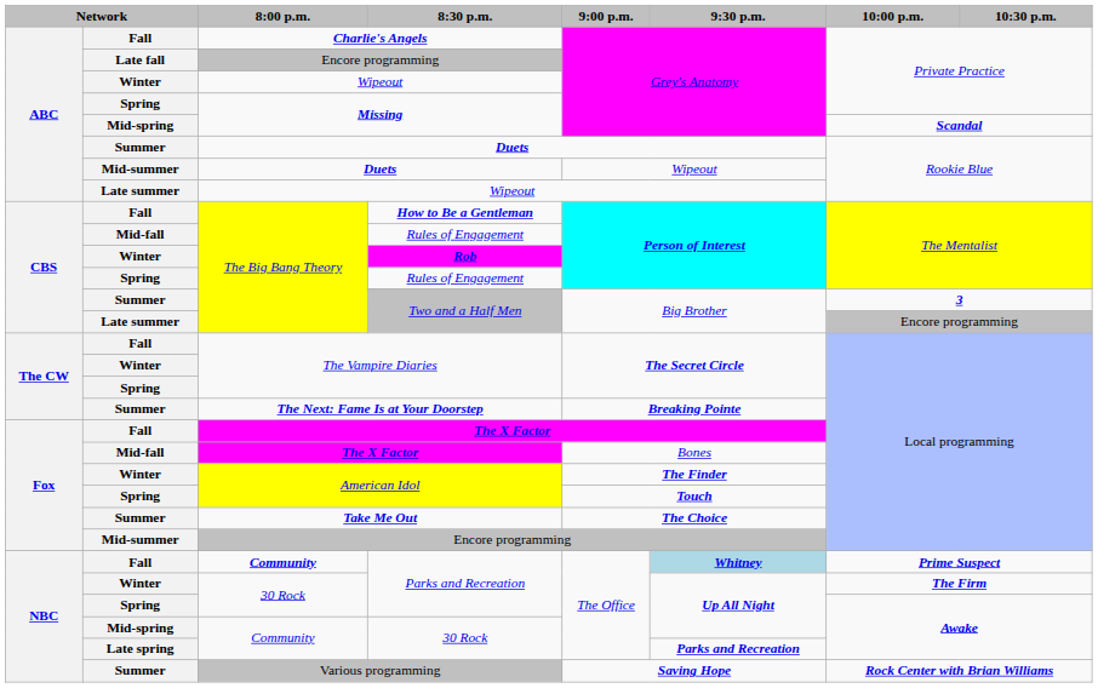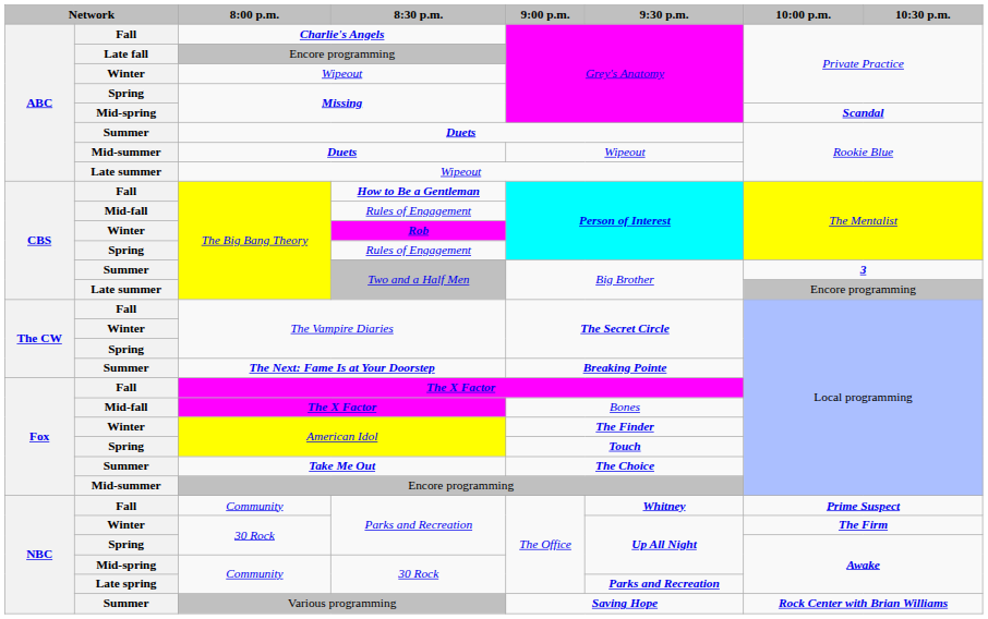 <table class="wikitable" style="width:100%;margin-right:0;text-align:center">
 <tr>
 <th colspan="2" style="background-color:#C0C0C0;text-align:center">Network</th>
 <th style="background-color:#C0C0C0;text-align:center">8:00 p.m.</th>
 <th style="background-color:#C0C0C0;text-align:center">8:30 p.m.</th>
 <th style="background-color:#C0C0C0;text-align:center">9:00 p.m.</th>
 <th style="background-color:#C0C0C0;text-align:center">9:30 p.m.</th>
 <th style="background-color:#C0C0C0;text-align:center">10:00 p.m.</th>
 <th style="background-color:#C0C0C0;text-align:center">10:30 p.m.</th>
 </tr>
 <tr>
 <th rowspan="8"><a href='#'>ABC</a></th>
 <th>Fall</th>
 <td colspan="2"><strong><em><a href='#'>Charlie's Angels</a></em></strong></td>
 <td style="background:magenta;" colspan="2" rowspan="5"><em><a href='#'>Grey's Anatomy</a></em> </td>
 <td colspan="2" rowspan="4"><em><a href='#'>Private Practice</a></em></td>
 </tr>
 <tr>
 <th>Late fall</th>
 <td style="background:#C0C0C0;" colspan="2">Encore programming</td>
 </tr>
 <tr>
 <th>Winter</th>
 <td colspan="2"><em><a href='#'>Wipeout</a></em></td>
 </tr>
 <tr>
 <th>Spring</th>
 <td colspan="2" rowspan="2"><strong><em><a href='#'>Missing</a></em></strong></td>
 </tr>
 <tr>
 <th>Mid-spring</th>
 <td colspan="2"><strong><em><a href='#'>Scandal</a></em></strong></td>
 </tr>
 <tr>
 <th>Summer</th>
 <td colspan="4"><strong><em><a href='#'>Duets</a></em></strong></td>
 <td rowspan="3" colspan="2"><em><a href='#'>Rookie Blue</a></em></td>
 </tr>
 <tr>
 <th>Mid-summer</th>
 <td colspan="2"><strong><em><a href='#'>Duets</a></em></strong></td>
 <td colspan="2"><em><a href='#'>Wipeout</a></em></td>
 </tr>
 <tr>
 <th>Late summer</th>
 <td colspan="4"><em><a href='#'>Wipeout</a></em></td>
 </tr>
 <tr>
 <th rowspan="6"><a href='#'>CBS</a></th>
 <th>Fall</th>
 <td style="background:yellow;" rowspan="6"><em><a href='#'>The Big Bang Theory</a></em> </td>
 <td><strong><em><a href='#'>How to Be a Gentleman</a></em></strong></td>
 <td style="background:cyan;" colspan="2" rowspan="4"><strong><em><a href='#'>Person of Interest</a></em></strong> </td>
 <td style="background:yellow;" colspan="2" rowspan="4"><em><a href='#'>The Mentalist</a></em> </td>
 </tr>
 <tr>
 <th>Mid-fall</th>
 <td><em><a href='#'>Rules of Engagement</a></em></td>
 </tr>
 <tr>
 <th>Winter</th>
 <td style="background:magenta;"><strong><em><a href='#'>Rob</a></em></strong> </td>
 </tr>
 <tr>
 <th>Spring</th>
 <td><em><a href='#'>Rules of Engagement</a></em></td>
 </tr>
 <tr>
 <th>Summer</th>
 <td rowspan="2" style="background:#C0C0C0;"><em><a href='#'>Two and a Half Men</a></em> </td>
 <td colspan="2" rowspan="2"><em><a href='#'>Big Brother</a></em></td>
 <td colspan="2"><strong><em><a href='#'>3</a></em></strong></td>
 </tr>
 <tr>
 <th>Late summer</th>
 <td style="background:#C0C0C0;" colspan="2">Encore programming</td>
 </tr>
 <tr>
 <th rowspan="4"><a href='#'>The CW</a></th>
 <th>Fall</th>
 <td colspan="2" rowspan="3"><em><a href='#'>The Vampire Diaries</a></em></td>
 <td colspan="2" rowspan="3"><strong><em><a href='#'>The Secret Circle</a></em></strong></td>
 <td style="background:#abbfff;" colspan="2" rowspan="10">Local programming</td>
 </tr>
 <tr>
 <th>Winter</th>
 </tr>
 <tr>
 <th>Spring</th>
 </tr>
 <tr>
 <th>Summer</th>
 <td colspan="2"><strong><em><a href='#'>The Next: Fame Is at Your Doorstep</a></em></strong></td>
 <td colspan="2"><strong><em><a href='#'>Breaking Pointe</a></em></strong></td>
 </tr>
 <tr>
 <th rowspan="6"><a href='#'>Fox</a></th>
 <th>Fall</th>
 <td style="background:magenta;" colspan="4"><strong><em><a href='#'>The X Factor</a></em></strong> </td>
 </tr>
 <tr>
 <th>Mid-fall</th>
 <td style="background:magenta;" colspan="2"><strong><em><a href='#'>The X Factor</a></em></strong> </td>
 <td colspan="2"><em><a href='#'>Bones</a></em></td>
 </tr>
 <tr>
 <th>Winter</th>
 <td style="background:yellow;" rowspan="2" colspan="2"><em><a href='#'>American Idol</a></em> </td>
 <td colspan="2"><strong><em><a href='#'>The Finder</a></em></strong></td>
 </tr>
 <tr>
 <th>Spring</th>
 <td colspan="2"><strong><em><a href='#'>Touch</a></em></strong></td>
 </tr>
 <tr>
 <th>Summer</th>
 <td colspan="2"><strong><em><a href='#'>Take Me Out</a></em></strong></td>
 <td colspan="2"><strong><em><a href='#'>The Choice</a></em></strong></td>
 </tr>
 <tr>
 <th>Mid-summer</th>
 <td style="background:#C0C0C0;" colspan="4">Encore programming</td>
 </tr>
 <tr>
 <th rowspan="6"><a href='#'>NBC</a></th>
 <th>Fall</th>
-<td><strong><em><a href='#'>Community</a></em></strong></td>
+<td><em><a href='#'>Community</a></em></td>
 <td rowspan="3"><em><a href='#'>Parks and Recreation</a></em></td>
 <td rowspan="5"><em><a href='#'>The Office</a></em></td>
-<td style="background: lightblue;"><strong><em><a href='#'>Whitney</a></em></strong></td>
+<td><strong><em><a href='#'>Whitney</a></em></strong></td>
 <td colspan="2"><strong><em><a href='#'>Prime Suspect</a></em></strong></td>
 </tr>
 <tr>
 <th>Winter</th>
 <td rowspan="2"><em><a href='#'>30 Rock</a></em></td>
 <td rowspan="3"><strong><em><a href='#'>Up All Night</a></em></strong></td>
 <td colspan="2"><strong><em><a href='#'>The Firm</a></em></strong></td>
 </tr>
 <tr>
 <th>Spring</th>
 <td rowspan="3" colspan="2"><strong><em><a href='#'>Awake</a></em></strong></td>
 </tr>
 <tr>
 <th>Mid-spring</th>
 <td rowspan="2"><em><a href='#'>Community</a></em></td>
 <td rowspan="2"><em><a href='#'>30 Rock</a></em></td>
 </tr>
 <tr>
 <th>Late spring</th>
 <td><strong><em><a href='#'>Parks and Recreation</a></em></strong></td>
 </tr>
 <tr>
 <th>Summer</th>
 <td colspan="2" style="background:#C0C0C0;">Various programming</td>
 <td colspan="2"><strong><em><a href='#'>Saving Hope</a></em></strong></td>
 <td colspan="2"><strong><em><a href='#'>Rock Center with Brian Williams</a></em></strong></td>
 </tr>
 </table>
